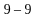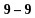 <table style="text-align:center">
 <tr>
 <th width=200></th>
 <th width=100></th>
 <th width=200></th>
 </tr>
 <tr>
 <td align=right><strong></strong></td>
-<td>9 – 9</td>
+<td><strong>9 – 9</strong></td>
 <td align=left><strong></strong></td>
 </tr>
 </table>
